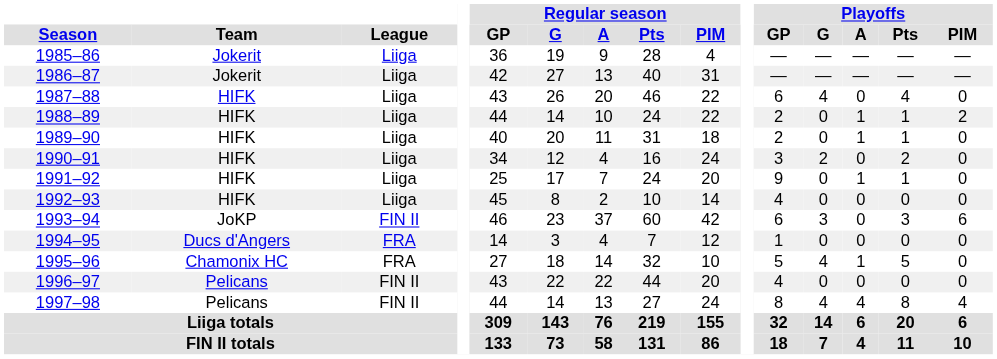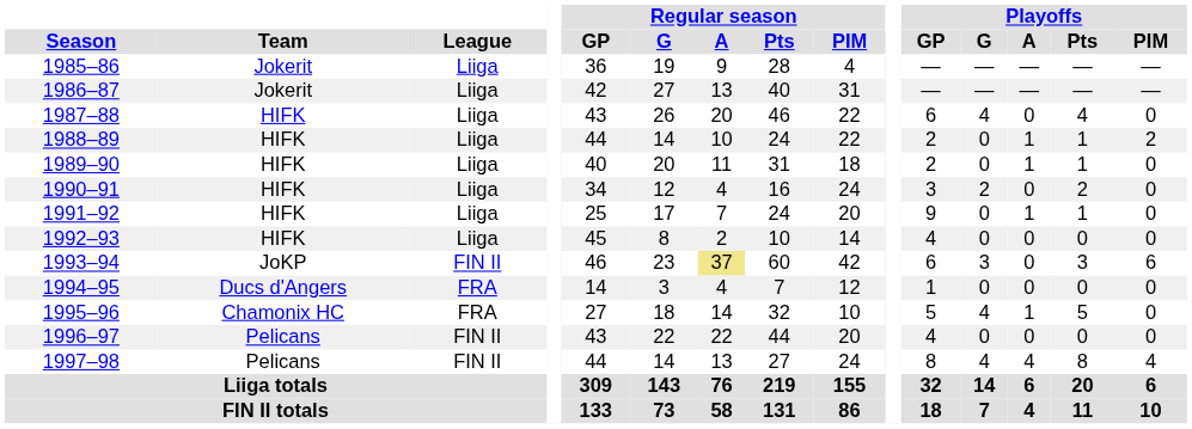 <table border="0" cellpadding="1" cellspacing="0" style="text-align:center; width:60em">
 <tr bgcolor="#e0e0e0">
 <th colspan="3" bgcolor="#ffffff"> </th>
 <th rowspan="99" bgcolor="#ffffff"> </th>
 <th colspan="5"><a href='#'>Regular season</a></th>
 <th rowspan="99" bgcolor="#ffffff"> </th>
 <th colspan="5"><a href='#'>Playoffs</a></th>
 </tr>
 <tr bgcolor="#e0e0e0">
 <th><a href='#'>Season</a></th>
 <th>Team</th>
 <th>League</th>
 <th>GP</th>
 <th><a href='#'>G</a></th>
 <th><a href='#'>A</a></th>
 <th><a href='#'>Pts</a></th>
 <th><a href='#'>PIM</a></th>
 <th>GP</th>
 <th>G</th>
 <th>A</th>
 <th>Pts</th>
 <th>PIM</th>
 </tr>
 <tr>
 <td><a href='#'>1985–86</a></td>
 <td><a href='#'>Jokerit</a></td>
 <td><a href='#'>Liiga</a></td>
 <td>36</td>
 <td>19</td>
 <td>9</td>
 <td>28</td>
 <td>4</td>
 <td>—</td>
 <td>—</td>
 <td>—</td>
 <td>—</td>
 <td>—</td>
 </tr>
 <tr bgcolor="#f0f0f0">
 <td><a href='#'>1986–87</a></td>
 <td>Jokerit</td>
 <td>Liiga</td>
 <td>42</td>
 <td>27</td>
 <td>13</td>
 <td>40</td>
 <td>31</td>
 <td>—</td>
 <td>—</td>
 <td>—</td>
 <td>—</td>
 <td>—</td>
 </tr>
 <tr>
 </tr>
 <tr>
 <td><a href='#'>1987–88</a></td>
 <td><a href='#'>HIFK</a></td>
 <td>Liiga</td>
 <td>43</td>
 <td>26</td>
 <td>20</td>
 <td>46</td>
 <td>22</td>
 <td>6</td>
 <td>4</td>
 <td>0</td>
 <td>4</td>
 <td>0</td>
 </tr>
 <tr bgcolor="#f0f0f0">
 <td><a href='#'>1988–89</a></td>
 <td>HIFK</td>
 <td>Liiga</td>
 <td>44</td>
 <td>14</td>
 <td>10</td>
 <td>24</td>
 <td>22</td>
 <td>2</td>
 <td>0</td>
 <td>1</td>
 <td>1</td>
 <td>2</td>
 </tr>
 <tr>
 <td><a href='#'>1989–90</a></td>
 <td>HIFK</td>
 <td>Liiga</td>
 <td>40</td>
 <td>20</td>
 <td>11</td>
 <td>31</td>
 <td>18</td>
 <td>2</td>
 <td>0</td>
 <td>1</td>
 <td>1</td>
 <td>0</td>
 </tr>
 <tr bgcolor="#f0f0f0">
 <td><a href='#'>1990–91</a></td>
 <td>HIFK</td>
 <td>Liiga</td>
 <td>34</td>
 <td>12</td>
 <td>4</td>
 <td>16</td>
 <td>24</td>
 <td>3</td>
 <td>2</td>
 <td>0</td>
 <td>2</td>
 <td>0</td>
 </tr>
 <tr>
 <td><a href='#'>1991–92</a></td>
 <td>HIFK</td>
 <td>Liiga</td>
 <td>25</td>
 <td>17</td>
 <td>7</td>
 <td>24</td>
 <td>20</td>
 <td>9</td>
 <td>0</td>
 <td>1</td>
 <td>1</td>
 <td>0</td>
 </tr>
 <tr bgcolor="#f0f0f0">
 <td><a href='#'>1992–93</a></td>
 <td>HIFK</td>
 <td>Liiga</td>
 <td>45</td>
 <td>8</td>
 <td>2</td>
 <td>10</td>
 <td>14</td>
 <td>4</td>
 <td>0</td>
 <td>0</td>
 <td>0</td>
 <td>0</td>
 </tr>
 <tr>
 <td><a href='#'>1993–94</a></td>
 <td>JoKP</td>
 <td><a href='#'>FIN II</a></td>
 <td>46</td>
 <td>23</td>
-<td>37</td>
+<td style="background: khaki;">37</td>
 <td>60</td>
 <td>42</td>
 <td>6</td>
 <td>3</td>
 <td>0</td>
 <td>3</td>
 <td>6</td>
 </tr>
 <tr bgcolor="#f0f0f0">
 <td><a href='#'>1994–95</a></td>
 <td><a href='#'>Ducs d'Angers</a></td>
 <td><a href='#'>FRA</a></td>
 <td>14</td>
 <td>3</td>
 <td>4</td>
 <td>7</td>
 <td>12</td>
 <td>1</td>
 <td>0</td>
 <td>0</td>
 <td>0</td>
 <td>0</td>
 </tr>
 <tr>
 <td><a href='#'>1995–96</a></td>
 <td><a href='#'>Chamonix HC</a></td>
 <td>FRA</td>
 <td>27</td>
 <td>18</td>
 <td>14</td>
 <td>32</td>
 <td>10</td>
 <td>5</td>
 <td>4</td>
 <td>1</td>
 <td>5</td>
 <td>0</td>
 </tr>
 <tr bgcolor="#f0f0f0">
 <td><a href='#'>1996–97</a></td>
 <td><a href='#'>Pelicans</a></td>
 <td>FIN II</td>
 <td>43</td>
 <td>22</td>
 <td>22</td>
 <td>44</td>
 <td>20</td>
 <td>4</td>
 <td>0</td>
 <td>0</td>
 <td>0</td>
 <td>0</td>
 </tr>
 <tr>
 <td><a href='#'>1997–98</a></td>
 <td>Pelicans</td>
 <td>FIN II</td>
 <td>44</td>
 <td>14</td>
 <td>13</td>
 <td>27</td>
 <td>24</td>
 <td>8</td>
 <td>4</td>
 <td>4</td>
 <td>8</td>
 <td>4</td>
 </tr>
 <tr bgcolor="#e0e0e0">
 <th colspan="3">Liiga totals</th>
 <th>309</th>
 <th>143</th>
 <th>76</th>
 <th>219</th>
 <th>155</th>
 <th>32</th>
 <th>14</th>
 <th>6</th>
 <th>20</th>
 <th>6</th>
 </tr>
 <tr bgcolor="#e0e0e0">
 <th colspan="3">FIN II totals</th>
 <th>133</th>
 <th>73</th>
 <th>58</th>
 <th>131</th>
 <th>86</th>
 <th>18</th>
 <th>7</th>
 <th>4</th>
 <th>11</th>
 <th>10</th>
 </tr>
 </table>
